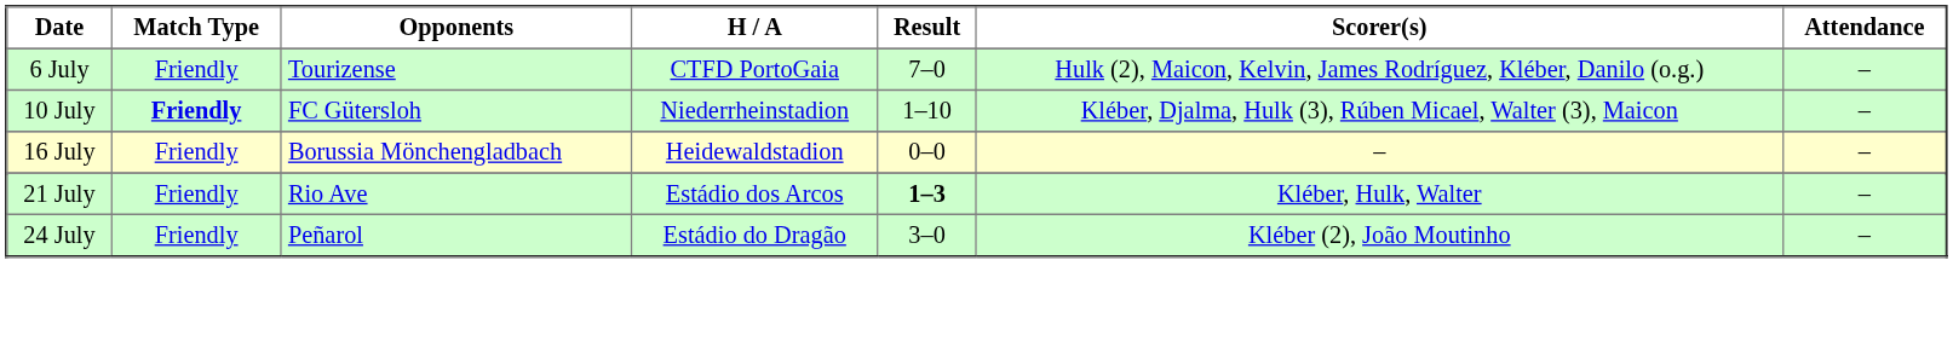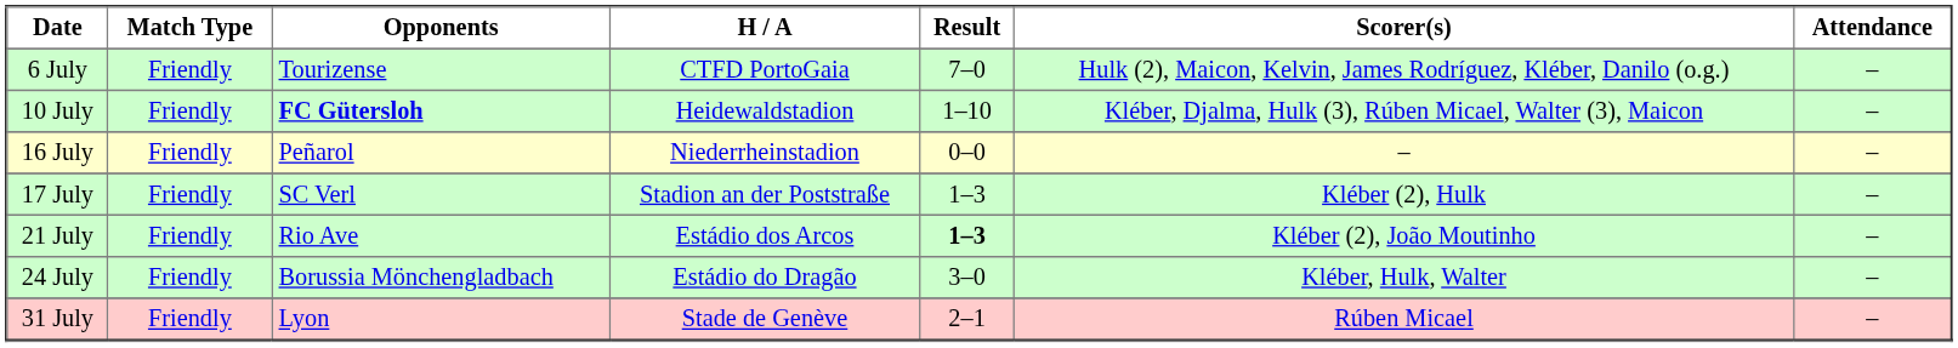 <table width=100% border="2" cellpadding="4" style="border-collapse:collapse; text-align:center;">
 <tr style="background:">
 <th><strong>Date</strong></th>
 <th><strong>Match Type</strong></th>
 <th><strong>Opponents</strong></th>
 <th><strong>H / A</strong></th>
 <th><strong>Result</strong></th>
 <th><strong>Scorer(s)</strong></th>
 <th><strong>Attendance</strong></th>
 </tr>
 <tr>
 </tr>
 <tr bgcolor=CCFFCC>
 <td>6 July</td>
 <td><a href='#'>Friendly</a></td>
 <td align="left"> <a href='#'>Tourizense</a></td>
 <td><a href='#'>CTFD PortoGaia</a></td>
 <td>7–0</td>
 <td><a href='#'>Hulk</a> (2), <a href='#'>Maicon</a>, <a href='#'>Kelvin</a>, <a href='#'>James Rodríguez</a>, <a href='#'>Kléber</a>, <a href='#'>Danilo</a> (o.g.)</td>
 <td>–</td>
 </tr>
 <tr>
 </tr>
 <tr bgcolor=CCFFCC>
 <td>10 July</td>
-<td><strong><a href='#'>Friendly</a></strong></td>
-<td align="left"> <a href='#'>FC Gütersloh</a></td>
-<td><a href='#'>Niederrheinstadion</a></td>
+<td><a href='#'>Friendly</a></td>
+<td align="left"><strong> <a href='#'>FC Gütersloh</a></strong></td>
+<td><a href='#'>Heidewaldstadion</a></td>
 <td>1–10</td>
 <td><a href='#'>Kléber</a>, <a href='#'>Djalma</a>, <a href='#'>Hulk</a> (3), <a href='#'>Rúben Micael</a>, <a href='#'>Walter</a> (3), <a href='#'>Maicon</a></td>
 <td>–</td>
 </tr>
 <tr>
 </tr>
 <tr bgcolor=FFFFCC>
 <td>16 July</td>
 <td><a href='#'>Friendly</a></td>
-<td align="left"> <a href='#'>Borussia Mönchengladbach</a></td>
-<td><a href='#'>Heidewaldstadion</a></td>
+<td align="left"> <a href='#'>Peñarol</a></td>
+<td><a href='#'>Niederrheinstadion</a></td>
 <td>0–0</td>
 <td>–</td>
 <td>–</td>
 </tr>
 <tr>
+</tr>
+<tr bgcolor=CCFFCC>
+<td>17 July</td>
+<td><a href='#'>Friendly</a></td>
+<td align="left"> <a href='#'>SC Verl</a></td>
+<td><a href='#'>Stadion an der Poststraße</a></td>
+<td>1–3</td>
+<td><a href='#'>Kléber</a> (2), <a href='#'>Hulk</a></td>
+<td>–</td>
 </tr>
 <tr>
 </tr>
 <tr bgcolor=CCFFCC>
 <td>21 July</td>
 <td><a href='#'>Friendly</a></td>
 <td align="left"> <a href='#'>Rio Ave</a></td>
 <td><a href='#'>Estádio dos Arcos</a></td>
 <td><strong>1–3</strong></td>
-<td><a href='#'>Kléber</a>, <a href='#'>Hulk</a>, <a href='#'>Walter</a></td>
+<td><a href='#'>Kléber</a> (2), <a href='#'>João Moutinho</a></td>
 <td>–</td>
 </tr>
 <tr>
 </tr>
 <tr bgcolor=CCFFCC>
 <td>24 July</td>
 <td><a href='#'>Friendly</a></td>
-<td align="left"> <a href='#'>Peñarol</a></td>
+<td align="left"> <a href='#'>Borussia Mönchengladbach</a></td>
 <td><a href='#'>Estádio do Dragão</a></td>
 <td>3–0</td>
-<td><a href='#'>Kléber</a> (2), <a href='#'>João Moutinho</a></td>
+<td><a href='#'>Kléber</a>, <a href='#'>Hulk</a>, <a href='#'>Walter</a></td>
 <td>–</td>
 </tr>
 <tr>
 </tr>
+<tr bgcolor=FFCCCC>
+<td>31 July</td>
+<td><a href='#'>Friendly</a></td>
+<td align="left"> <a href='#'>Lyon</a></td>
+<td><a href='#'>Stade de Genève</a></td>
+<td>2–1</td>
+<td><a href='#'>Rúben Micael</a></td>
+<td>–</td>
+</tr>
 <tr>
 </tr>
 </table>
